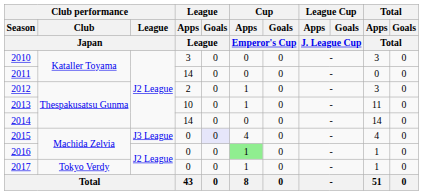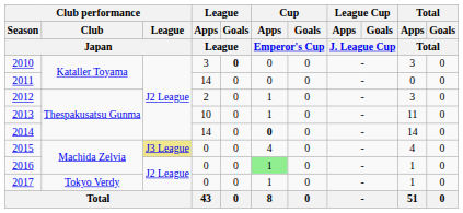 <table class="wikitable" style="text-align:center;">
 <tr>
 <th colspan=3>Club performance</th>
 <th colspan=2>League</th>
 <th colspan=2>Cup</th>
 <th colspan=2>League Cup</th>
 <th colspan=2>Total</th>
 </tr>
 <tr>
 <th>Season</th>
 <th>Club</th>
 <th>League</th>
 <th>Apps</th>
 <th>Goals</th>
 <th>Apps</th>
 <th>Goals</th>
 <th>Apps</th>
 <th>Goals</th>
 <th>Apps</th>
 <th>Goals</th>
 </tr>
 <tr>
 <th colspan=3>Japan</th>
 <th colspan=2>League</th>
 <th colspan=2><a href='#'>Emperor's Cup</a></th>
 <th colspan=2><a href='#'>J. League Cup</a></th>
 <th colspan=2>Total</th>
 </tr>
 <tr>
 <td><a href='#'>2010</a></td>
 <td rowspan="2"><a href='#'>Kataller Toyama</a></td>
 <td rowspan="5"><a href='#'>J2 League</a></td>
 <td>3</td>
-<td>0</td>
+<td><strong>0</strong></td>
 <td>0</td>
 <td>0</td>
 <td colspan="2">-</td>
 <td>3</td>
 <td>0</td>
 </tr>
 <tr>
 <td><a href='#'>2011</a></td>
 <td>14</td>
 <td>0</td>
 <td>0</td>
 <td>0</td>
 <td colspan="2">-</td>
 <td>0</td>
 <td>0</td>
 </tr>
 <tr>
 <td><a href='#'>2012</a></td>
 <td rowspan="3"><a href='#'>Thespakusatsu Gunma</a></td>
 <td>2</td>
 <td>0</td>
 <td>1</td>
 <td>0</td>
 <td colspan="2">-</td>
 <td>3</td>
 <td>0</td>
 </tr>
 <tr>
 <td><a href='#'>2013</a></td>
 <td>10</td>
 <td>0</td>
 <td>1</td>
 <td>0</td>
 <td colspan="2">-</td>
 <td>11</td>
 <td>0</td>
 </tr>
 <tr>
 <td><a href='#'>2014</a></td>
 <td>14</td>
 <td>0</td>
-<td>0</td>
+<td><strong>0</strong></td>
 <td>0</td>
 <td colspan="2">-</td>
 <td>14</td>
 <td>0</td>
 </tr>
 <tr>
 <td><a href='#'>2015</a></td>
 <td rowspan="2"><a href='#'>Machida Zelvia</a></td>
-<td><a href='#'>J3 League</a></td>
+<td style="background: khaki;"><a href='#'>J3 League</a></td>
 <td>0</td>
-<td style="background: lavender;">0</td>
+<td>0</td>
 <td>4</td>
 <td>0</td>
 <td colspan="2">-</td>
 <td>4</td>
 <td>0</td>
 </tr>
 <tr>
 <td><a href='#'>2016</a></td>
 <td rowspan="2"><a href='#'>J2 League</a></td>
 <td>0</td>
 <td>0</td>
 <td style="background: lightgreen;">1</td>
 <td>0</td>
 <td colspan="2">-</td>
 <td>1</td>
 <td>0</td>
 </tr>
 <tr>
 <td><a href='#'>2017</a></td>
 <td><a href='#'>Tokyo Verdy</a></td>
 <td>0</td>
 <td>0</td>
 <td>1</td>
 <td>0</td>
 <td colspan="2">-</td>
 <td>1</td>
 <td>0</td>
 </tr>
 <tr>
 <th colspan=3>Total</th>
 <th>43</th>
 <th>0</th>
 <th>8</th>
 <th>0</th>
 <th colspan="2">-</th>
 <th>51</th>
 <th>0</th>
 </tr>
 </table>
